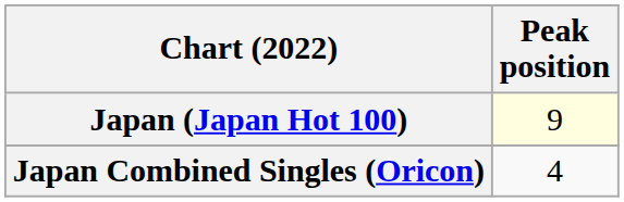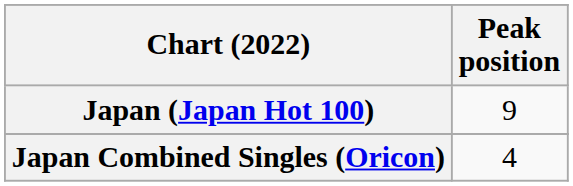 <table class="wikitable sortable plainrowheaders" style="text-align:center">
 <tr>
 <th scope="col">Chart (2022)</th>
 <th scope="col">Peak<br>position</th>
 </tr>
 <tr>
 <th scope="row">Japan (<a href='#'>Japan Hot 100</a>)</th>
-<td style="background: lightyellow;">9</td>
+<td>9</td>
 </tr>
 <tr>
 </tr>
 <tr>
 <th scope="row">Japan Combined Singles (<a href='#'>Oricon</a>)</th>
 <td>4</td>
 </tr>
 </table>
